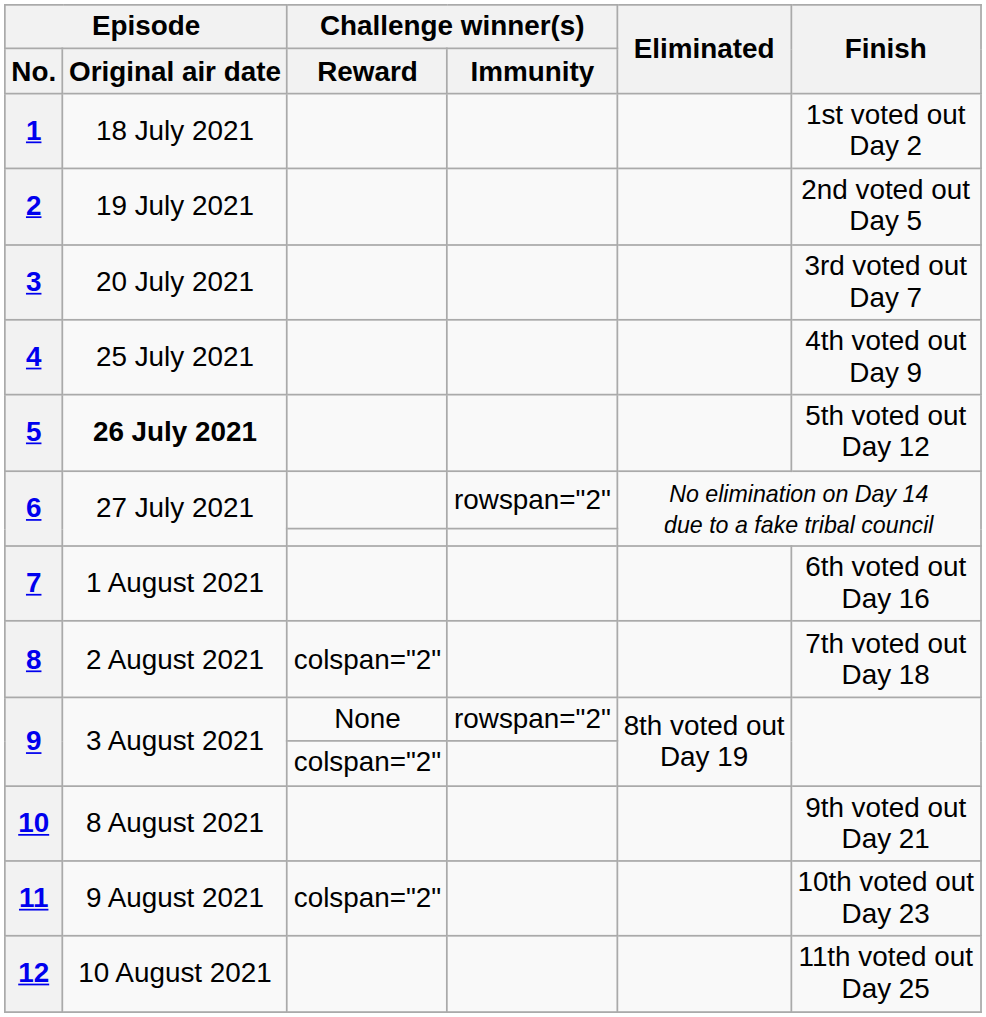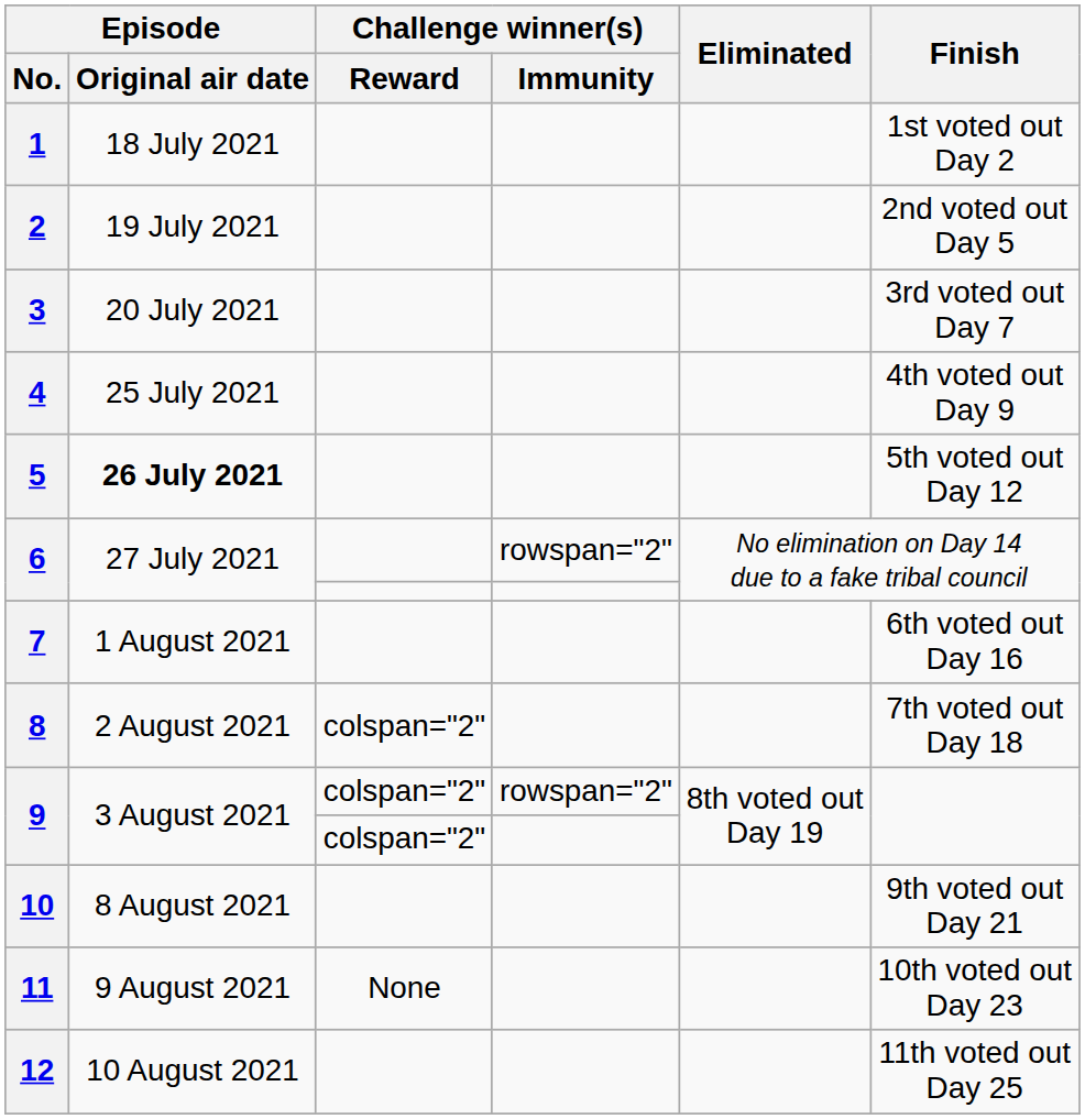 <table class="wikitable nowrap" style="text-align:center; font-size:100%">
 <tr>
 <th colspan="2">Episode</th>
 <th colspan="2">Challenge winner(s)</th>
 <th rowspan="2">Eliminated</th>
 <th rowspan="2">Finish</th>
 </tr>
 <tr>
 <th>No.</th>
 <th>Original air date</th>
 <th>Reward</th>
 <th>Immunity</th>
 </tr>
 <tr>
 <th><a href='#'>1</a></th>
 <td>18 July 2021</td>
 <td></td>
 <td></td>
 <td></td>
 <td>1st voted out<br>Day 2</td>
 </tr>
 <tr>
 <th><a href='#'>2</a></th>
 <td>19 July 2021</td>
 <td></td>
 <td></td>
 <td></td>
 <td>2nd voted out<br>Day 5</td>
 </tr>
 <tr>
 <th><a href='#'>3</a></th>
 <td>20 July 2021</td>
 <td></td>
 <td></td>
 <td></td>
 <td>3rd voted out<br>Day 7</td>
 </tr>
 <tr>
 <th><a href='#'>4</a></th>
 <td>25 July 2021</td>
 <td></td>
 <td></td>
 <td></td>
 <td>4th voted out<br>Day 9</td>
 </tr>
 <tr>
 <th><a href='#'>5</a></th>
 <td><strong>26 July 2021</strong></td>
 <td></td>
 <td></td>
 <td></td>
 <td>5th voted out<br>Day 12</td>
 </tr>
 <tr>
 <th rowspan="2"><a href='#'>6</a></th>
 <td rowspan="2">27 July 2021</td>
 <td></td>
 <td>rowspan="2" </td>
 <td colspan="2" rowspan="2"><em><small>No elimination on Day 14<br>due to a fake tribal council</small></em></td>
 </tr>
 <tr>
 <td></td>
 </tr>
 <tr>
 <th><a href='#'>7</a></th>
 <td>1 August 2021</td>
 <td></td>
 <td></td>
 <td></td>
 <td>6th voted out<br>Day 16</td>
 </tr>
 <tr>
 <th><a href='#'>8</a></th>
 <td>2 August 2021</td>
 <td>colspan="2" </td>
 <td></td>
 <td></td>
 <td>7th voted out<br>Day 18</td>
 </tr>
 <tr>
 <th rowspan="2"><a href='#'>9</a></th>
 <td rowspan="2">3 August 2021</td>
-<td>None</td>
+<td>colspan="2" </td>
 <td>rowspan="2"</td>
 <td rowspan="2">8th voted out<br>Day 19</td>
 </tr>
 <tr>
 <td>colspan="2" </td>
 </tr>
 <tr>
 <th><a href='#'>10</a></th>
 <td>8 August 2021</td>
 <td></td>
 <td></td>
 <td></td>
 <td>9th voted out<br>Day 21</td>
 </tr>
 <tr>
 <th><a href='#'>11</a></th>
 <td>9 August 2021</td>
-<td>colspan="2" </td>
+<td>None</td>
 <td></td>
 <td></td>
 <td>10th voted out<br>Day 23</td>
 </tr>
 <tr>
 <th><a href='#'>12</a></th>
 <td>10 August 2021</td>
 <td></td>
 <td></td>
 <td></td>
 <td>11th voted out<br>Day 25</td>
 </tr>
 <tr>
 </tr>
 </table>
